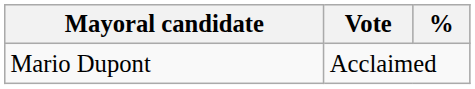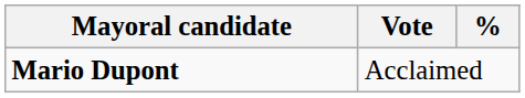 <table class="wikitable">
 <tr>
 <th bgcolor="#DDDDFF" width="200px">Mayoral candidate</th>
 <th bgcolor="#DDDDFF" width="50px">Vote</th>
 <th bgcolor="#DDDDFF" width="30px">%</th>
 </tr>
 <tr>
-<td>Mario Dupont</td>
+<td><strong>Mario Dupont</strong></td>
 <td colspan="2">Acclaimed</td>
 </tr>
 </table>
